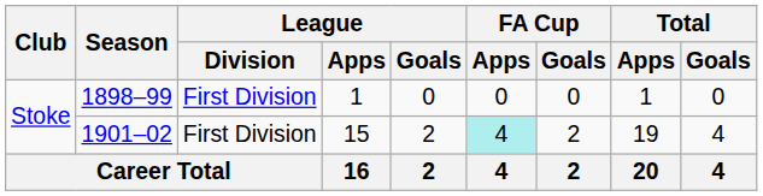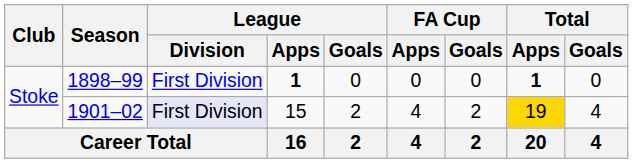 <table class="wikitable" style="text-align: center;">
 <tr>
 <th rowspan="2">Club</th>
 <th rowspan="2">Season</th>
 <th colspan="3">League</th>
 <th colspan="2">FA Cup</th>
 <th colspan="2">Total</th>
 </tr>
 <tr>
 <th>Division</th>
 <th>Apps</th>
 <th>Goals</th>
 <th>Apps</th>
 <th>Goals</th>
 <th>Apps</th>
 <th>Goals</th>
 </tr>
 <tr>
 <td rowspan="2"><a href='#'>Stoke</a></td>
 <td><a href='#'>1898–99</a></td>
 <td><a href='#'>First Division</a></td>
-<td>1</td>
+<td><strong>1</strong></td>
 <td>0</td>
 <td>0</td>
 <td>0</td>
-<td>1</td>
+<td><strong>1</strong></td>
 <td>0</td>
 </tr>
 <tr>
 <td><a href='#'>1901–02</a></td>
-<td>First Division</td>
+<td style="background: lavender;">First Division</td>
 <td>15</td>
 <td>2</td>
-<td style="background: paleturquoise;">4</td>
+<td>4</td>
 <td>2</td>
-<td>19</td>
+<td style="background: gold;">19</td>
 <td>4</td>
 </tr>
 <tr>
 <th colspan="3">Career Total</th>
 <th>16</th>
 <th>2</th>
 <th>4</th>
 <th>2</th>
 <th>20</th>
 <th>4</th>
 </tr>
 </table>
